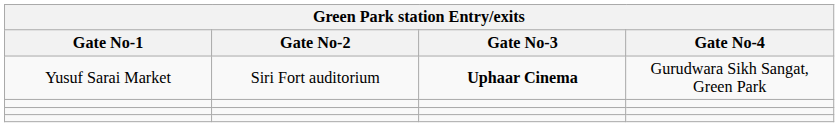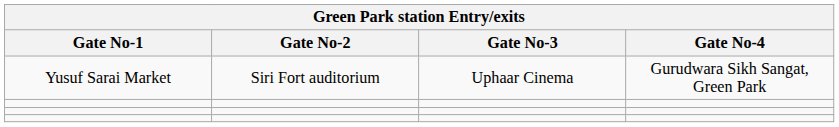 <table class="wikitable" style="text-align: center;" width="65%">
 <tr>
 <th align="center" colspan="5" style="background:#"><span>Green Park station Entry/exits</span></th>
 </tr>
 <tr>
 <th style="width:15%;">Gate No-1</th>
 <th style="width:15%;">Gate No-2</th>
 <th style="width:15%;">Gate No-3</th>
 <th style="width:15%;">Gate No-4</th>
 </tr>
 <tr>
 <td>Yusuf Sarai Market</td>
 <td>Siri Fort auditorium</td>
-<td><strong>Uphaar Cinema</strong></td>
+<td>Uphaar Cinema</td>
 <td>Gurudwara Sikh Sangat, Green Park</td>
 </tr>
 <tr>
 <td></td>
 <td></td>
 <td></td>
 <td></td>
 </tr>
 <tr>
 <td></td>
 <td></td>
 <td></td>
 <td></td>
 </tr>
 <tr>
 <td></td>
 <td></td>
 <td></td>
 <td></td>
 </tr>
 </table>
